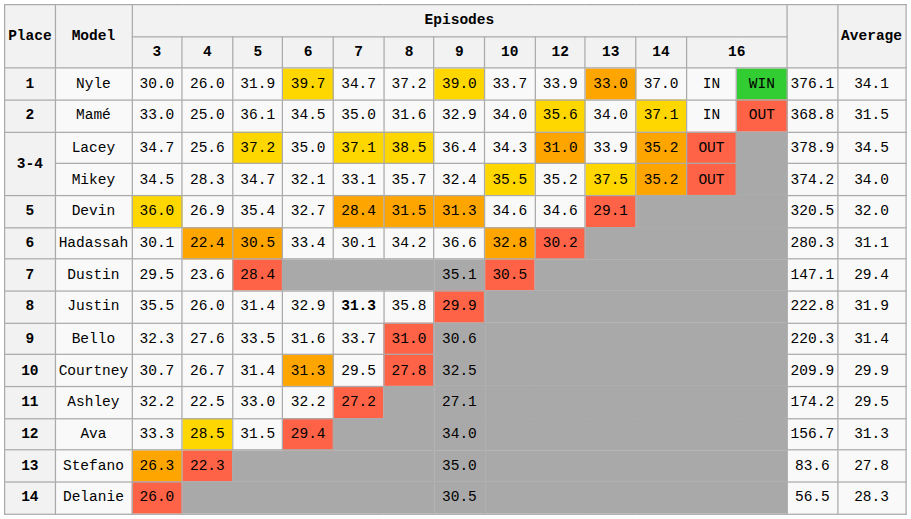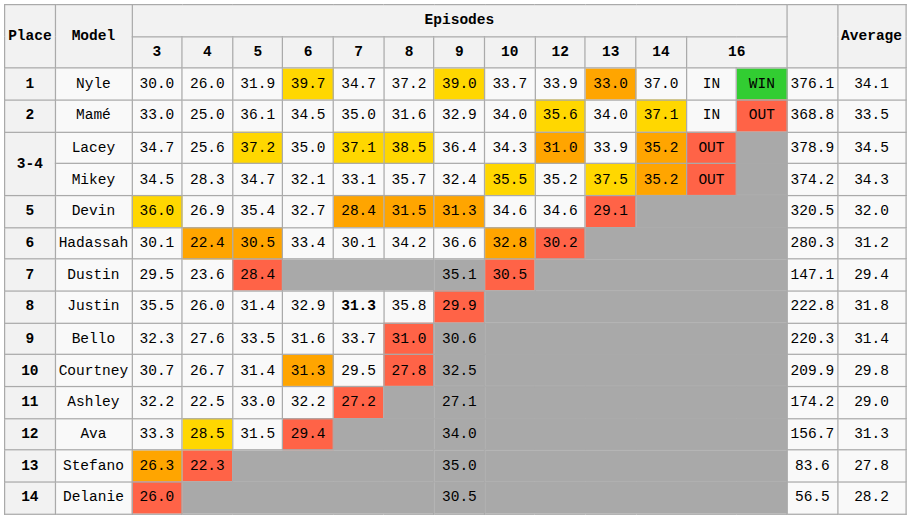 <table class="wikitable sortable" style="text-align: center; font-size:90%; line-height:20px;">
 <tr>
 <th rowspan="2">Place</th>
 <th rowspan="2">Model</th>
 <th colspan="13">Episodes</th>
 <th rowspan="2"></th>
 <th rowspan="2">Average</th>
 </tr>
 <tr>
 <th width="35">3</th>
 <th width="35">4</th>
 <th width="35">5</th>
 <th width="35">6</th>
 <th width="35">7</th>
 <th width="35">8</th>
 <th width="35">9</th>
 <th width="35">10</th>
 <th width="35">12</th>
 <th width="35">13</th>
 <th width="35">14</th>
 <th colspan="2">16</th>
 </tr>
 <tr>
 <th>1</th>
 <td>Nyle</td>
 <td>30.0</td>
 <td>26.0</td>
 <td>31.9</td>
 <td style="background:gold">39.7</td>
 <td>34.7</td>
 <td>37.2</td>
 <td style="background:gold">39.0</td>
 <td>33.7</td>
 <td>33.9</td>
 <td style="background:orange">33.0</td>
 <td>37.0</td>
 <td>IN</td>
 <td width="35" style="background:limegreen;">WIN</td>
 <td>376.1</td>
 <td>34.1</td>
 </tr>
 <tr>
 <th>2</th>
 <td>Mamé</td>
 <td>33.0</td>
 <td>25.0</td>
 <td>36.1</td>
 <td>34.5</td>
 <td>35.0</td>
 <td>31.6</td>
 <td>32.9</td>
 <td>34.0</td>
 <td style="background:gold">35.6</td>
 <td>34.0</td>
 <td style="background:gold">37.1</td>
 <td>IN</td>
 <td style="background:tomato;">OUT</td>
 <td>368.8</td>
-<td>31.5</td>
+<td>33.5</td>
 </tr>
 <tr>
 <th rowspan="2">3-4</th>
 <td>Lacey</td>
 <td>34.7</td>
 <td>25.6</td>
 <td style="background:gold">37.2</td>
 <td>35.0</td>
 <td style="background:gold">37.1</td>
 <td style="background:gold">38.5</td>
 <td>36.4</td>
 <td>34.3</td>
 <td style="background:orange">31.0</td>
 <td>33.9</td>
 <td style="background:orange">35.2</td>
 <td width="35" style="background:tomato">OUT</td>
 <td style="background:darkgray;"></td>
 <td>378.9</td>
 <td>34.5</td>
 </tr>
 <tr>
 <td>Mikey</td>
 <td>34.5</td>
 <td>28.3</td>
 <td>34.7</td>
 <td>32.1</td>
 <td>33.1</td>
 <td>35.7</td>
 <td>32.4</td>
 <td style="background:gold">35.5</td>
 <td>35.2</td>
 <td style="background:gold">37.5</td>
 <td style="background:orange">35.2</td>
 <td style="background:tomato">OUT</td>
 <td style="background:darkgray;"></td>
 <td>374.2</td>
-<td>34.0</td>
+<td>34.3</td>
 </tr>
 <tr>
 <th>5</th>
 <td>Devin</td>
 <td style="background:gold">36.0</td>
 <td>26.9</td>
 <td>35.4</td>
 <td>32.7</td>
 <td style="background:orange">28.4</td>
 <td style="background:orange">31.5</td>
 <td style="background:orange">31.3</td>
 <td>34.6</td>
 <td>34.6</td>
 <td style="background:tomato">29.1</td>
 <td style="background:darkgray" colspan="3"></td>
 <td>320.5</td>
 <td>32.0</td>
 </tr>
 <tr>
 <th>6</th>
 <td>Hadassah</td>
 <td>30.1</td>
 <td style="background:orange">22.4</td>
 <td style="background:orange">30.5</td>
 <td>33.4</td>
 <td>30.1</td>
 <td>34.2</td>
 <td>36.6</td>
 <td style="background:orange">32.8</td>
 <td style="background:tomato">30.2</td>
 <td style="background:darkgray" colspan="4"></td>
 <td>280.3</td>
-<td>31.1</td>
+<td>31.2</td>
 </tr>
 <tr>
 <th>7</th>
 <td>Dustin</td>
 <td>29.5</td>
 <td>23.6</td>
 <td style="background:tomato">28.4</td>
 <td style="background:darkgray" colspan="3"></td>
 <td style="background:darkgray"><span>35.1</span></td>
 <td style="background:tomato">30.5</td>
 <td style="background:darkgray" colspan="5"></td>
 <td>147.1</td>
 <td>29.4</td>
 </tr>
 <tr>
 <th>8</th>
 <td>Justin</td>
 <td>35.5</td>
 <td>26.0</td>
 <td>31.4</td>
 <td>32.9</td>
 <td><strong>31.3</strong></td>
 <td>35.8</td>
 <td style="background:tomato">29.9</td>
 <td style="background:darkgray" colspan="6"></td>
 <td>222.8</td>
-<td>31.9</td>
+<td>31.8</td>
 </tr>
 <tr>
 <th>9</th>
 <td>Bello</td>
 <td>32.3</td>
 <td>27.6</td>
 <td>33.5</td>
 <td>31.6</td>
 <td>33.7</td>
 <td style="background:tomato">31.0</td>
 <td style="background:darkgray"><span>30.6 </span></td>
 <td style="background:darkgray" colspan="6"></td>
 <td>220.3</td>
 <td>31.4</td>
 </tr>
 <tr>
 <th>10</th>
 <td>Courtney</td>
 <td>30.7</td>
 <td>26.7</td>
 <td>31.4</td>
 <td style="background:orange">31.3</td>
 <td>29.5</td>
 <td style="background:tomato">27.8</td>
 <td style="background:darkgray"><span>32.5</span></td>
 <td style="background:darkgray" colspan="6"></td>
 <td>209.9</td>
-<td>29.9</td>
+<td>29.8</td>
 </tr>
 <tr>
 <th>11</th>
 <td>Ashley</td>
 <td>32.2</td>
 <td>22.5</td>
 <td>33.0</td>
 <td>32.2</td>
 <td style="background:tomato">27.2</td>
 <td style="background:darkgray"></td>
 <td style="background:darkgray"><span>27.1</span></td>
 <td style="background:darkgray" colspan="6"></td>
 <td>174.2</td>
-<td>29.5</td>
+<td>29.0</td>
 </tr>
 <tr>
 <th>12</th>
 <td>Ava</td>
 <td>33.3</td>
 <td style="background:gold">28.5</td>
 <td>31.5</td>
 <td style="background:tomato">29.4</td>
 <td style="background:darkgray" colspan="2"></td>
 <td style="background:darkgray"><span>34.0</span></td>
 <td style="background:darkgray" colspan="6"></td>
 <td>156.7</td>
 <td>31.3</td>
 </tr>
 <tr>
 <th>13</th>
 <td>Stefano</td>
 <td style="background:orange">26.3</td>
 <td style="background:tomato">22.3</td>
 <td style="background:darkgray" colspan="4"></td>
 <td style="background:darkgray"><span>35.0</span></td>
 <td style="background:darkgray" colspan="6"></td>
 <td>83.6</td>
 <td>27.8</td>
 </tr>
 <tr>
 <th>14</th>
 <td>Delanie</td>
 <td style="background:tomato">26.0</td>
 <td style="background:darkgray" colspan="5"></td>
 <td style="background:darkgray"><span>30.5</span></td>
 <td style="background:darkgray" colspan="6"></td>
 <td>56.5</td>
-<td>28.3</td>
+<td>28.2</td>
 </tr>
 </table>
